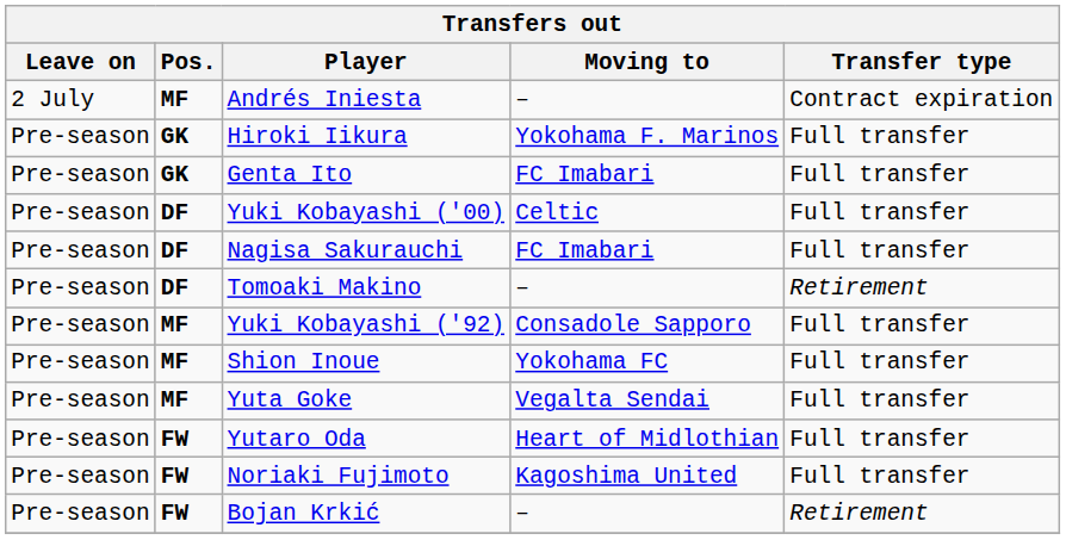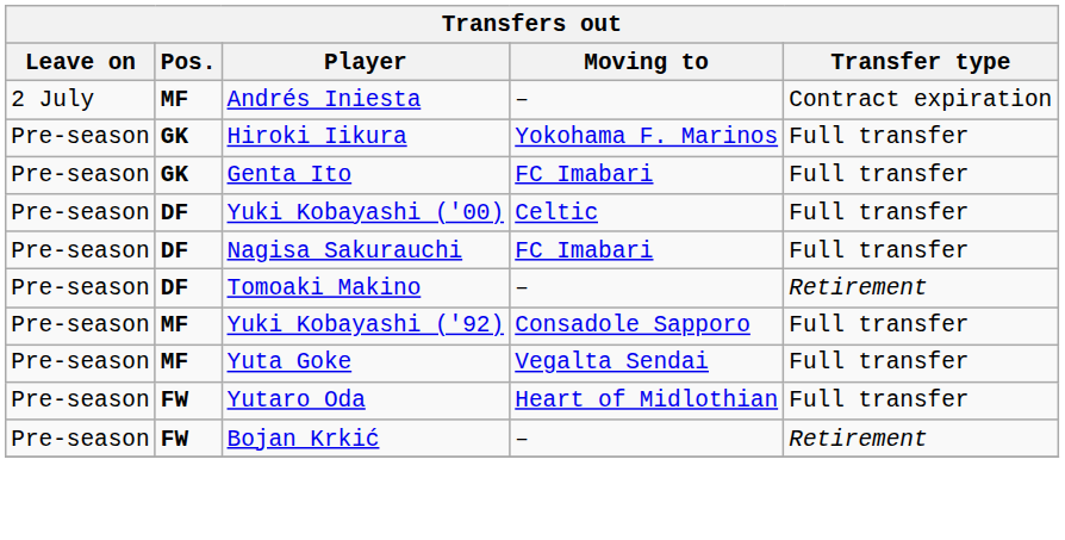 <table class="wikitable sortable" style=“text-align:left;”>
 <tr>
 <th colspan="5">Transfers out</th>
 </tr>
 <tr>
 <th>Leave on</th>
 <th>Pos.</th>
 <th>Player</th>
 <th>Moving to</th>
 <th>Transfer type</th>
 </tr>
 <tr>
 <td>2 July</td>
 <td><strong>MF</strong></td>
 <td> <a href='#'>Andrés Iniesta</a></td>
 <td>–</td>
 <td>Contract expiration</td>
 </tr>
 <tr>
 <td>Pre-season</td>
 <td><strong>GK</strong></td>
 <td> <a href='#'>Hiroki Iikura</a></td>
 <td> <a href='#'>Yokohama F. Marinos</a></td>
 <td>Full transfer</td>
 </tr>
 <tr>
 <td>Pre-season</td>
 <td><strong>GK</strong></td>
 <td> <a href='#'>Genta Ito</a></td>
 <td> <a href='#'>FC Imabari</a></td>
 <td>Full transfer</td>
 </tr>
 <tr>
 <td>Pre-season</td>
 <td><strong>DF</strong></td>
 <td> <a href='#'>Yuki Kobayashi ('00)</a></td>
 <td> <a href='#'>Celtic</a></td>
 <td>Full transfer</td>
 </tr>
 <tr>
 <td>Pre-season</td>
 <td><strong>DF</strong></td>
 <td> <a href='#'>Nagisa Sakurauchi</a></td>
 <td> <a href='#'>FC Imabari</a></td>
 <td>Full transfer</td>
 </tr>
 <tr>
 <td>Pre-season</td>
 <td><strong>DF</strong></td>
 <td> <a href='#'>Tomoaki Makino</a></td>
 <td>–</td>
 <td><em>Retirement</em></td>
 </tr>
 <tr>
 <td>Pre-season</td>
 <td><strong>MF</strong></td>
 <td> <a href='#'>Yuki Kobayashi ('92)</a></td>
 <td> <a href='#'>Consadole Sapporo</a></td>
 <td>Full transfer</td>
 </tr>
 <tr>
 <td>Pre-season</td>
 <td><strong>MF</strong></td>
-<td> <a href='#'>Shion Inoue</a></td>
-<td> <a href='#'>Yokohama FC</a></td>
-<td>Full transfer</td>
-</tr>
-<tr>
-<td>Pre-season</td>
-<td><strong>MF</strong></td>
 <td> <a href='#'>Yuta Goke</a></td>
 <td> <a href='#'>Vegalta Sendai</a></td>
 <td>Full transfer</td>
 </tr>
 <tr>
 <td>Pre-season</td>
 <td><strong>FW</strong></td>
 <td> <a href='#'>Yutaro Oda</a></td>
 <td> <a href='#'>Heart of Midlothian</a></td>
 <td>Full transfer</td>
 </tr>
 <tr>
 <td>Pre-season</td>
 <td><strong>FW</strong></td>
-<td> <a href='#'>Noriaki Fujimoto</a></td>
-<td> <a href='#'>Kagoshima United</a></td>
-<td>Full transfer</td>
-</tr>
-<tr>
-<td>Pre-season</td>
-<td><strong>FW</strong></td>
 <td> <a href='#'>Bojan Krkić</a></td>
 <td>–</td>
 <td><em>Retirement</em></td>
 </tr>
 <tr>
 </tr>
 </table>
